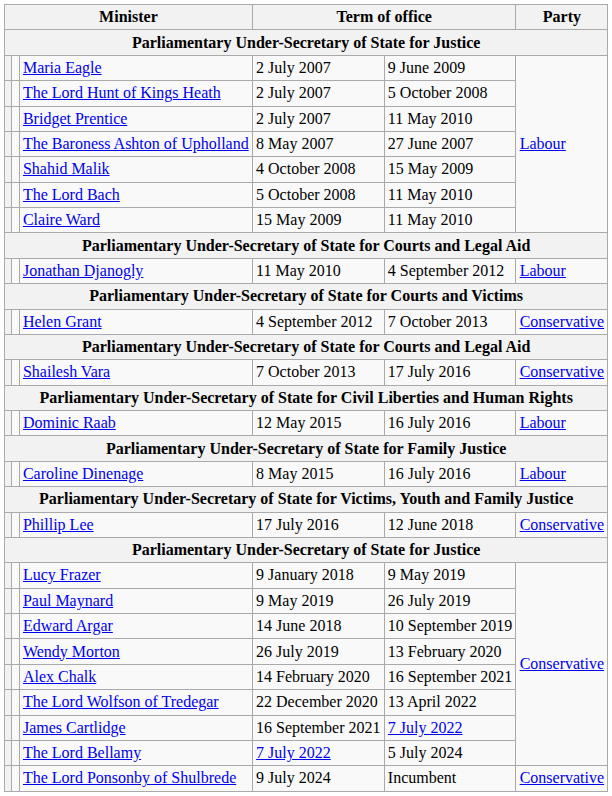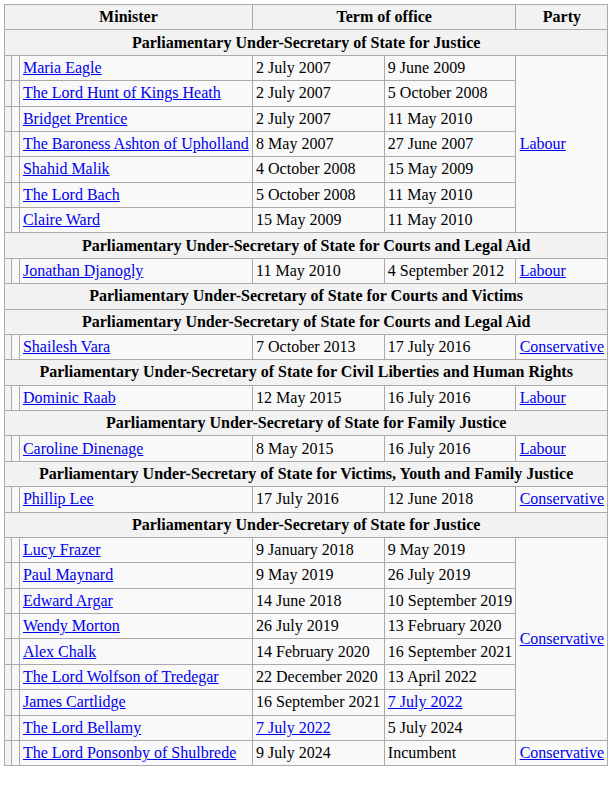 <table class="wikitable">
 <tr>
 <th colspan="3">Minister</th>
 <th colspan="2">Term of office</th>
 <th>Party</th>
 </tr>
 <tr>
 <th colspan="6">Parliamentary Under-Secretary of State for Justice</th>
 </tr>
 <tr>
 <th style="background-color: "></th>
 <td></td>
 <td><a href='#'>Maria Eagle</a></td>
 <td>2 July 2007</td>
 <td>9 June 2009</td>
 <td rowspan="7"><a href='#'>Labour</a></td>
 </tr>
 <tr>
 <th style="background-color: "></th>
 <td></td>
 <td><a href='#'>The Lord Hunt of Kings Heath</a></td>
 <td>2 July 2007</td>
 <td>5 October 2008</td>
 </tr>
 <tr>
 <th style="background-color: "></th>
 <td></td>
 <td><a href='#'>Bridget Prentice</a></td>
 <td>2 July 2007</td>
 <td>11 May 2010</td>
 </tr>
 <tr>
 <th style="background-color: "></th>
 <td></td>
 <td><a href='#'>The Baroness Ashton of Upholland</a></td>
 <td>8 May 2007</td>
 <td>27 June 2007</td>
 </tr>
 <tr>
 <th style="background-color: "></th>
 <td></td>
 <td><a href='#'>Shahid Malik</a></td>
 <td>4 October 2008</td>
 <td>15 May 2009</td>
 </tr>
 <tr>
 <th style="background-color: "></th>
 <td></td>
 <td><a href='#'>The Lord Bach</a></td>
 <td>5 October 2008</td>
 <td>11 May 2010</td>
 </tr>
 <tr>
 <th style="background-color: "></th>
 <td></td>
 <td><a href='#'>Claire Ward</a></td>
 <td>15 May 2009</td>
 <td>11 May 2010</td>
 </tr>
 <tr>
 <th colspan="6">Parliamentary Under-Secretary of State for Courts and Legal Aid</th>
 </tr>
 <tr>
 <th style="background-color: "></th>
 <td></td>
 <td><a href='#'>Jonathan Djanogly</a></td>
 <td>11 May 2010</td>
 <td>4 September 2012</td>
 <td><a href='#'>Labour</a></td>
 </tr>
 <tr>
 <th colspan="6">Parliamentary Under-Secretary of State for Courts and Victims</th>
-</tr>
-<tr>
-<th style="background-color: "></th>
-<td></td>
-<td><a href='#'>Helen Grant</a></td>
-<td>4 September 2012</td>
-<td>7 October 2013</td>
-<td><a href='#'>Conservative</a></td>
 </tr>
 <tr>
 <th colspan="6">Parliamentary Under-Secretary of State for Courts and Legal Aid</th>
 </tr>
 <tr>
 <th style="background-color: "></th>
 <td></td>
 <td><a href='#'>Shailesh Vara</a></td>
 <td>7 October 2013</td>
 <td>17 July 2016</td>
 <td><a href='#'>Conservative</a></td>
 </tr>
 <tr>
 <th colspan="6">Parliamentary Under-Secretary of State for Civil Liberties and Human Rights</th>
 </tr>
 <tr>
 <th style="background-color: "></th>
 <td></td>
 <td><a href='#'>Dominic Raab</a></td>
 <td>12 May 2015</td>
 <td>16 July 2016</td>
 <td><a href='#'>Labour</a></td>
 </tr>
 <tr>
 <th colspan="6">Parliamentary Under-Secretary of State for Family Justice</th>
 </tr>
 <tr>
 <th style="background-color: "></th>
 <td></td>
 <td><a href='#'>Caroline Dinenage</a></td>
 <td>8 May 2015</td>
 <td>16 July 2016</td>
 <td><a href='#'>Labour</a></td>
 </tr>
 <tr>
 <th colspan="6">Parliamentary Under-Secretary of State for Victims, Youth and Family Justice</th>
 </tr>
 <tr>
 <th style="background-color: "></th>
 <td></td>
 <td><a href='#'>Phillip Lee</a></td>
 <td>17 July 2016</td>
 <td>12 June 2018</td>
 <td><a href='#'>Conservative</a></td>
 </tr>
 <tr>
 <th colspan="6">Parliamentary Under-Secretary of State for Justice</th>
 </tr>
 <tr>
 <th style="background-color: "></th>
 <td></td>
 <td><a href='#'>Lucy Frazer</a></td>
 <td>9 January 2018</td>
 <td>9 May 2019</td>
 <td rowspan="8"><a href='#'>Conservative</a></td>
 </tr>
 <tr>
 <th style="background-color: "></th>
 <td></td>
 <td><a href='#'>Paul Maynard</a></td>
 <td>9 May 2019</td>
 <td>26 July 2019</td>
 </tr>
 <tr>
 <th style="background-color: "></th>
 <td></td>
 <td><a href='#'>Edward Argar</a></td>
 <td>14 June 2018</td>
 <td>10 September 2019</td>
 </tr>
 <tr>
 <th style="background-color: "></th>
 <td></td>
 <td><a href='#'>Wendy Morton</a></td>
 <td>26 July 2019</td>
 <td>13 February 2020</td>
 </tr>
 <tr>
 <th style="background-color: "></th>
 <td></td>
 <td><a href='#'>Alex Chalk</a></td>
 <td>14 February 2020</td>
 <td>16 September 2021</td>
 </tr>
 <tr>
 <th style="background-color: "></th>
 <td></td>
 <td><a href='#'>The Lord Wolfson of Tredegar</a></td>
 <td>22 December 2020</td>
 <td>13 April 2022</td>
 </tr>
 <tr>
 <th style="background-color: "></th>
 <td></td>
 <td><a href='#'>James Cartlidge</a></td>
 <td>16 September 2021</td>
 <td><a href='#'>7 July 2022</a></td>
 </tr>
 <tr>
 <th style="background-color: "></th>
 <td></td>
 <td><a href='#'>The Lord Bellamy</a></td>
 <td><a href='#'>7 July 2022</a></td>
 <td>5 July 2024</td>
 </tr>
 <tr>
 <th style="background-color: "></th>
 <td></td>
 <td><a href='#'>The Lord Ponsonby of Shulbrede</a></td>
 <td>9 July 2024</td>
 <td>Incumbent</td>
 <td><a href='#'>Conservative</a></td>
 </tr>
 </table>
